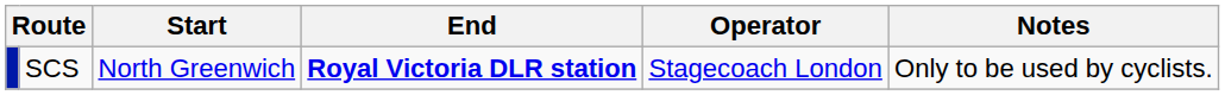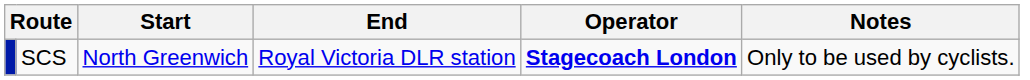 <table class="wikitable sortable">
 <tr>
 <th colspan="2">Route</th>
 <th>Start</th>
 <th>End</th>
 <th>Operator</th>
 <th>Notes</th>
 </tr>
 <tr>
 <td style="background:#0019A8;"></td>
 <td>SCS</td>
 <td><a href='#'>North Greenwich</a></td>
-<td><strong><a href='#'>Royal Victoria DLR station</a></strong></td>
-<td><a href='#'>Stagecoach London</a></td>
+<td><a href='#'>Royal Victoria DLR station</a></td>
+<td><strong><a href='#'>Stagecoach London</a></strong></td>
 <td>Only to be used by cyclists.</td>
 </tr>
 </table>
